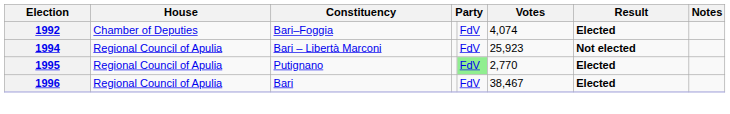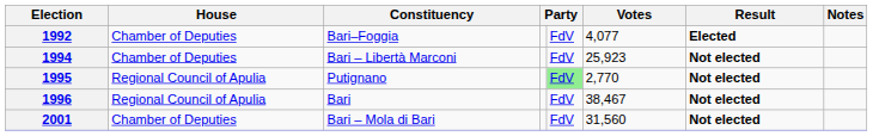 <table class=wikitable style="width:66%; border:1px #AAAAFF solid">
 <tr>
 <th width=12%>Election</th>
 <th width=25%>House</th>
 <th width=25%>Constituency</th>
 <th width=5% colspan="2">Party</th>
 <th width=12%>Votes</th>
 <th width=16%>Result</th>
 <th width=7%>Notes</th>
 </tr>
 <tr>
 <th><a href='#'>1992</a></th>
 <td><a href='#'>Chamber of Deputies</a></td>
 <td><a href='#'>Bari–Foggia</a></td>
 <td></td>
 <td><a href='#'>FdV</a></td>
-<td>4,074</td>
+<td>4,077</td>
 <td> <strong>Elected</strong></td>
 <td></td>
 </tr>
 <tr>
 <th><a href='#'>1994</a></th>
-<td><a href='#'>Regional Council of Apulia</a></td>
+<td><a href='#'>Chamber of Deputies</a></td>
 <td><a href='#'>Bari – Libertà Marconi</a></td>
 <td></td>
 <td><a href='#'>FdV</a></td>
 <td>25,923</td>
 <td> <strong>Not elected</strong></td>
 <td></td>
 </tr>
 <tr>
 <th><a href='#'>1995</a></th>
 <td><a href='#'>Regional Council of Apulia</a></td>
 <td><a href='#'>Putignano</a></td>
 <td></td>
 <td style="background: lightgreen;"><a href='#'>FdV</a></td>
 <td>2,770</td>
-<td> <strong>Elected</strong></td>
+<td> <strong>Not elected</strong></td>
 <td></td>
 </tr>
 <tr>
 <th><a href='#'>1996</a></th>
 <td><a href='#'>Regional Council of Apulia</a></td>
 <td><a href='#'>Bari</a></td>
 <td></td>
 <td><a href='#'>FdV</a></td>
 <td>38,467</td>
-<td> <strong>Elected</strong></td>
+<td> <strong>Not elected</strong></td>
+<td></td>
+</tr>
+<tr>
+<th><a href='#'>2001</a></th>
+<td><a href='#'>Chamber of Deputies</a></td>
+<td><a href='#'>Bari – Mola di Bari</a></td>
+<td></td>
+<td><a href='#'>FdV</a></td>
+<td>31,560</td>
+<td> <strong>Not elected</strong></td>
 <td></td>
 </tr>
 <tr>
 </tr>
 </table>
